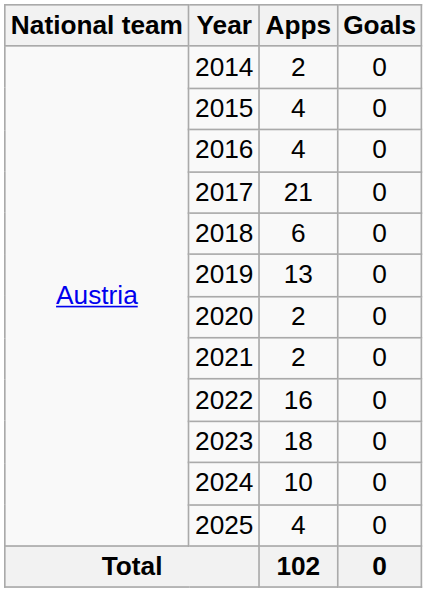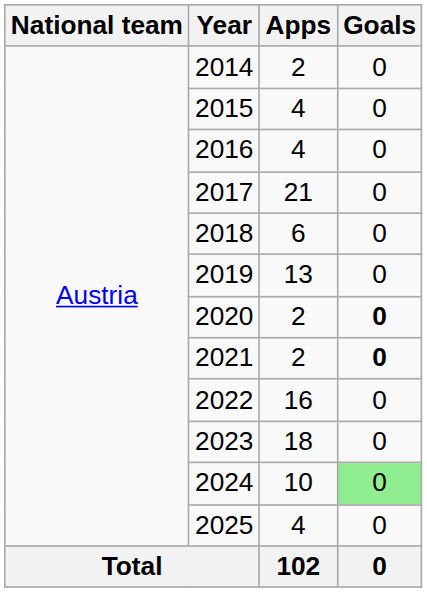 <table class="wikitable" style="text-align:center">
 <tr>
 <th>National team</th>
 <th>Year</th>
 <th>Apps</th>
 <th>Goals</th>
 </tr>
 <tr>
 <td rowspan="12"><a href='#'>Austria</a></td>
 <td>2014</td>
 <td>2</td>
 <td>0</td>
 </tr>
 <tr>
 <td>2015</td>
 <td>4</td>
 <td>0</td>
 </tr>
 <tr>
 <td>2016</td>
 <td>4</td>
 <td>0</td>
 </tr>
 <tr>
 <td>2017</td>
 <td>21</td>
 <td>0</td>
 </tr>
 <tr>
 <td>2018</td>
 <td>6</td>
 <td>0</td>
 </tr>
 <tr>
 <td>2019</td>
 <td>13</td>
 <td>0</td>
 </tr>
 <tr>
 <td>2020</td>
 <td>2</td>
-<td>0</td>
+<td><strong>0</strong></td>
 </tr>
 <tr>
 <td>2021</td>
 <td>2</td>
-<td>0</td>
+<td><strong>0</strong></td>
 </tr>
 <tr>
 <td>2022</td>
 <td>16</td>
 <td>0</td>
 </tr>
 <tr>
 <td>2023</td>
 <td>18</td>
 <td>0</td>
 </tr>
 <tr>
 <td>2024</td>
 <td>10</td>
-<td>0</td>
+<td style="background: lightgreen;">0</td>
 </tr>
 <tr>
 <td>2025</td>
 <td>4</td>
 <td>0</td>
 </tr>
 <tr>
 <th colspan="2" .>Total</th>
 <th>102</th>
 <th>0</th>
 </tr>
 </table>
